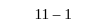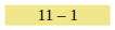 <table style="text-align:center">
 <tr>
 <th width=200></th>
 <th width=100></th>
 <th width=200></th>
 </tr>
 <tr>
 <td align=right><strong></strong></td>
-<td>11 – 1</td>
+<td style="background: khaki;">11 – 1</td>
 <td align=left></td>
 </tr>
 </table>
